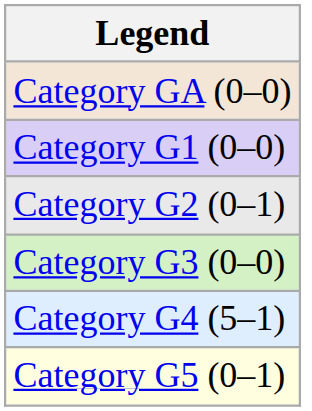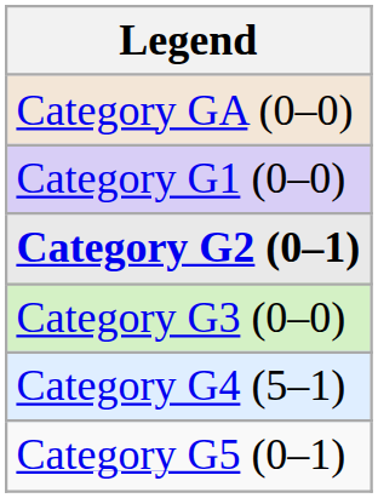 <table class="sortable wikitable">
 <tr>
 <th>Legend</th>
 </tr>
 <tr bgcolor="F3E6D7">
 <td><a href='#'>Category GA</a> (0–0)</td>
 </tr>
 <tr bgcolor="d8cef6">
 <td><a href='#'>Category G1</a> (0–0)</td>
 </tr>
 <tr bgcolor="e9e9e9">
-<td><a href='#'>Category G2</a> (0–1)</td>
+<td><strong><a href='#'>Category G2</a> (0–1)</strong></td>
 </tr>
 <tr bgcolor="D4F1C5">
 <td><a href='#'>Category G3</a> (0–0)</td>
 </tr>
 <tr bgcolor="dfeeff">
 <td><a href='#'>Category G4</a> (5–1)</td>
 </tr>
 <tr>
-<td style="background: lightyellow;"><a href='#'>Category G5</a> (0–1)</td>
+<td><a href='#'>Category G5</a> (0–1)</td>
 </tr>
 </table>
